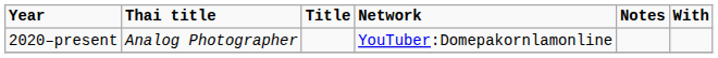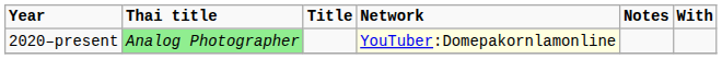 <table class="wikitable" style="font-size: 85%;">
 <tr>
 <td><strong>Year</strong></td>
 <td><strong>Thai title</strong></td>
 <td><strong>Title</strong></td>
 <td><strong>Network</strong></td>
 <td><strong>Notes</strong></td>
 <td><strong>With</strong></td>
 </tr>
 <tr>
 <td rowspan="1">2020–present</td>
-<td><em>Analog Photographer</em></td>
+<td style="background: lightgreen;"><em>Analog Photographer</em></td>
 <td><em> </em></td>
-<td><a href='#'>YouTuber</a>:Domepakornlamonline</td>
+<td style="background: lightyellow;"><a href='#'>YouTuber</a>:Domepakornlamonline</td>
 <td></td>
 <td></td>
 </tr>
 <tr>
 </tr>
 </table>
